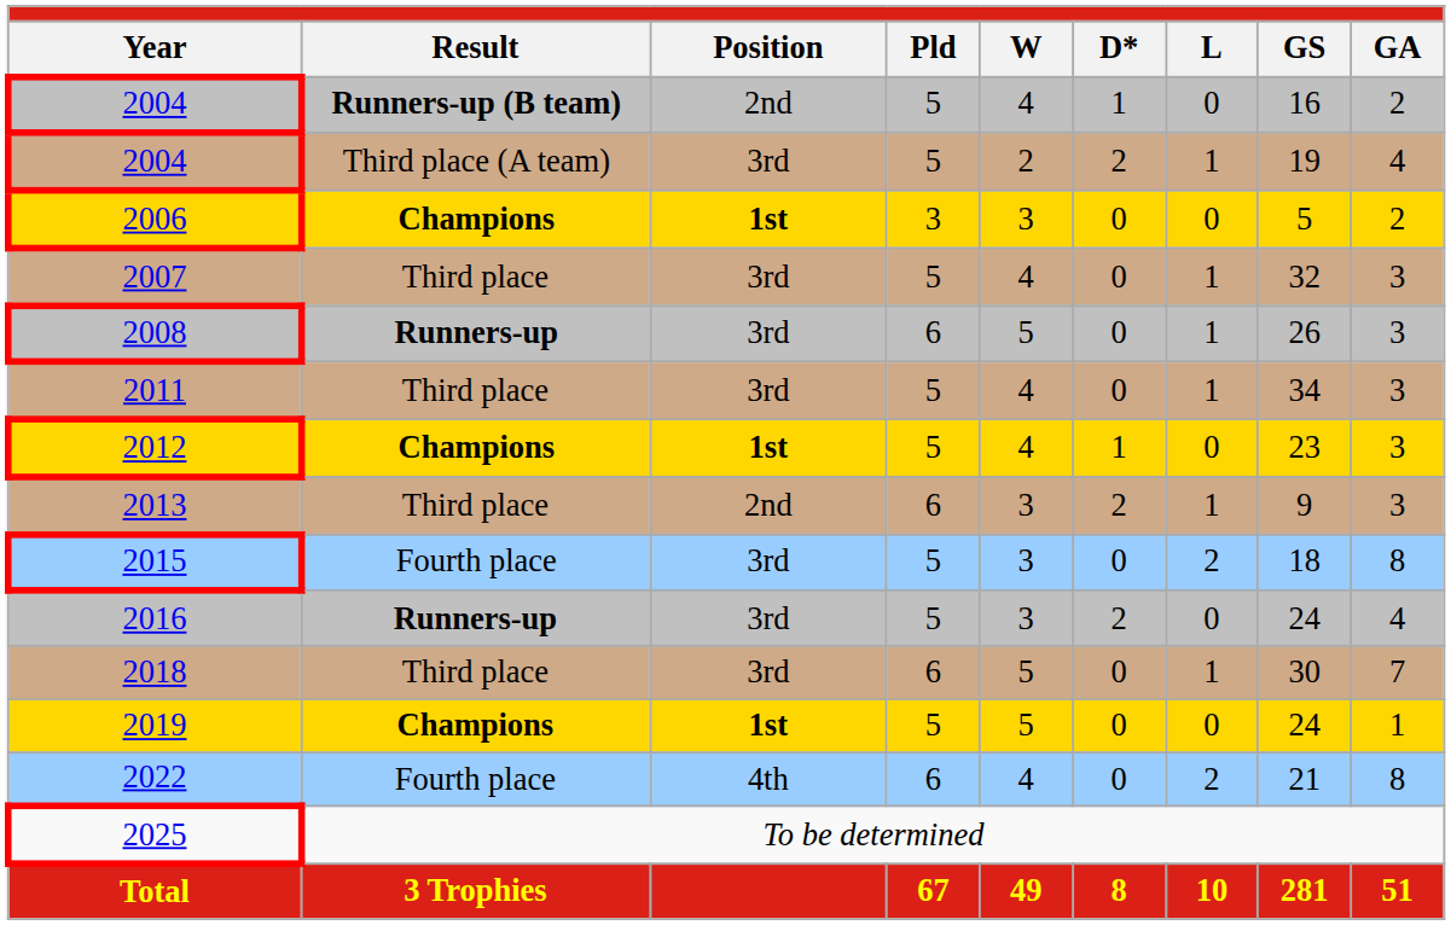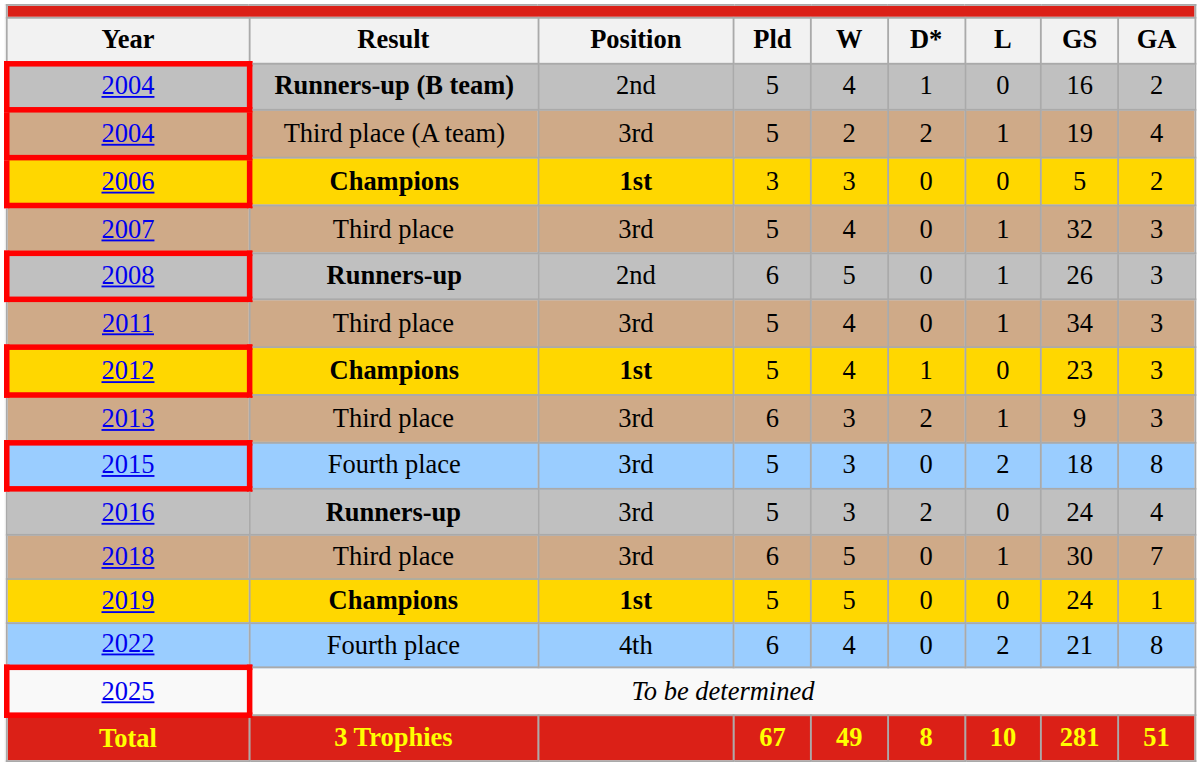 <table class="wikitable" style="text-align: center;font-size:90%;">
 <tr>
 <th colspan="9" style="background: #DB2017; color: #FFFF00;"><a href='#'></a></th>
 </tr>
 <tr>
 <th width=125>Year</th>
 <th width=150>Result</th>
 <th width=100>Position</th>
 <th width=35>Pld</th>
 <th width=35>W</th>
 <th width=35>D*</th>
 <th width=35>L</th>
 <th width=35>GS</th>
 <th width=35>GA</th>
 </tr>
 <tr style="background:silver;">
 <td style="border:3px solid red;"> <a href='#'>2004</a></td>
 <td style="background:silver;"><strong>Runners-up (B team)</strong></td>
 <td>2nd</td>
 <td>5</td>
 <td>4</td>
 <td>1</td>
 <td>0</td>
 <td>16</td>
 <td>2</td>
 </tr>
 <tr style="background:#CFAA88;">
 <td style="border:3px solid red;"> <a href='#'>2004</a></td>
 <td>Third place (A team)</td>
 <td>3rd</td>
 <td>5</td>
 <td>2</td>
 <td>2</td>
 <td>1</td>
 <td>19</td>
 <td>4</td>
 </tr>
 <tr style="background:gold;">
 <td style="border:3px solid red;"> <a href='#'>2006</a></td>
 <td><strong>Champions</strong></td>
 <td><strong>1st</strong></td>
 <td>3</td>
 <td>3</td>
 <td>0</td>
 <td>0</td>
 <td>5</td>
 <td>2</td>
 </tr>
 <tr style="background:#CFAA88;">
 <td> <a href='#'>2007</a></td>
 <td>Third place</td>
 <td>3rd</td>
 <td>5</td>
 <td>4</td>
 <td>0</td>
 <td>1</td>
 <td>32</td>
 <td>3</td>
 </tr>
 <tr style="background:silver;">
 <td style="border:3px solid red;"> <a href='#'>2008</a></td>
 <td><strong>Runners-up</strong></td>
-<td>3rd</td>
+<td>2nd</td>
 <td>6</td>
 <td>5</td>
 <td>0</td>
 <td>1</td>
 <td>26</td>
 <td>3</td>
 </tr>
 <tr style="background:#CFAA88;">
 <td> <a href='#'>2011</a></td>
 <td>Third place</td>
 <td>3rd</td>
 <td>5</td>
 <td>4</td>
 <td>0</td>
 <td>1</td>
 <td>34</td>
 <td>3</td>
 </tr>
 <tr style="background:gold;">
 <td style="border:3px solid red;"> <a href='#'>2012</a></td>
 <td><strong>Champions</strong></td>
 <td><strong>1st</strong></td>
 <td>5</td>
 <td>4</td>
 <td>1</td>
 <td>0</td>
 <td>23</td>
 <td>3</td>
 </tr>
 <tr style="background:#CFAA88;">
 <td> <a href='#'>2013</a></td>
 <td>Third place</td>
-<td>2nd</td>
+<td>3rd</td>
 <td>6</td>
 <td>3</td>
 <td>2</td>
 <td>1</td>
 <td>9</td>
 <td>3</td>
 </tr>
 <tr style="background:#9acdff;">
 <td style="border:3px solid red;"> <a href='#'>2015</a></td>
 <td>Fourth place</td>
 <td>3rd</td>
 <td>5</td>
 <td>3</td>
 <td>0</td>
 <td>2</td>
 <td>18</td>
 <td>8</td>
 </tr>
 <tr style="background:silver;">
 <td> <a href='#'>2016</a></td>
 <td><strong>Runners-up</strong></td>
 <td>3rd</td>
 <td>5</td>
 <td>3</td>
 <td>2</td>
 <td>0</td>
 <td>24</td>
 <td>4</td>
 </tr>
 <tr style="background:#CFAA88;">
 <td> <a href='#'>2018</a></td>
 <td>Third place</td>
 <td>3rd</td>
 <td>6</td>
 <td>5</td>
 <td>0</td>
 <td>1</td>
 <td>30</td>
 <td>7</td>
 </tr>
 <tr style="background:gold;">
 <td> <a href='#'>2019</a></td>
 <td><strong>Champions</strong></td>
 <td><strong>1st</strong></td>
 <td>5</td>
 <td>5</td>
 <td>0</td>
 <td>0</td>
 <td>24</td>
 <td>1</td>
 </tr>
 <tr style="background:#9acdff;">
 <td> <a href='#'>2022</a></td>
 <td>Fourth place</td>
 <td>4th</td>
 <td>6</td>
 <td>4</td>
 <td>0</td>
 <td>2</td>
 <td>21</td>
 <td>8</td>
 </tr>
 <tr>
 <td style="border:3px solid red;"> <a href='#'>2025</a></td>
 <td colspan="8"><em>To be determined</em></td>
 </tr>
 <tr>
 <td colspan=1 style="background: #DB2017; color: #FFFF00;"><strong>Total</strong></td>
 <td style="background: #DB2017; color: #FFFF00;"><strong>3 Trophies</strong></td>
 <td style="background: #DB2017; color: #FFFF00;"><strong></strong></td>
 <td style="background: #DB2017; color: #FFFF00;"><strong>67</strong></td>
 <td style="background: #DB2017; color: #FFFF00;"><strong>49</strong></td>
 <td style="background: #DB2017; color: #FFFF00;"><strong>8</strong></td>
 <td style="background: #DB2017; color: #FFFF00;"><strong>10</strong></td>
 <td style="background: #DB2017; color: #FFFF00;"><strong>281</strong></td>
 <td style="background: #DB2017; color: #FFFF00;"><strong>51</strong></td>
 </tr>
 </table>
